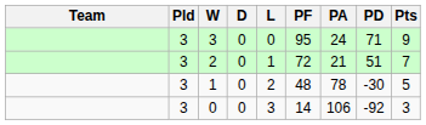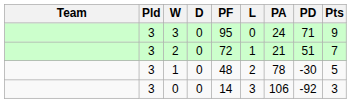 <table class="wikitable" style="text-align:center;">
 <tr>
 <th width=175>Team</th>
 <th width=25 abbr="Played">Pld</th>
 <th width=25 abbr="Won">W</th>
 <th width=25 abbr="Drawn">D</th>
+<th width=32 abbr="Points for">PF</th>
 <th width=25 abbr="Lost">L</th>
-<th width=32 abbr="Points for">PF</th>
 <th width=32 abbr="Points against">PA</th>
 <th width=32 abbr="Points difference">PD</th>
 <th width=25 abbr="Points">Pts</th>
 </tr>
 <tr bgcolor=ccffcc>
 <td align=left></td>
 <td>3</td>
 <td>3</td>
 <td>0</td>
+<td>95</td>
 <td>0</td>
-<td>95</td>
 <td>24</td>
 <td>71</td>
 <td>9</td>
 </tr>
 <tr bgcolor=ccffcc>
 <td align=left></td>
 <td>3</td>
 <td>2</td>
 <td>0</td>
+<td>72</td>
 <td>1</td>
-<td>72</td>
 <td>21</td>
 <td>51</td>
 <td>7</td>
 </tr>
 <tr>
 <td align=left></td>
 <td>3</td>
 <td>1</td>
 <td>0</td>
+<td>48</td>
 <td>2</td>
-<td>48</td>
 <td>78</td>
 <td>-30</td>
 <td>5</td>
 </tr>
 <tr>
 <td align=left></td>
 <td>3</td>
 <td>0</td>
 <td>0</td>
+<td>14</td>
 <td>3</td>
-<td>14</td>
 <td>106</td>
 <td>-92</td>
 <td>3</td>
 </tr>
 </table>
